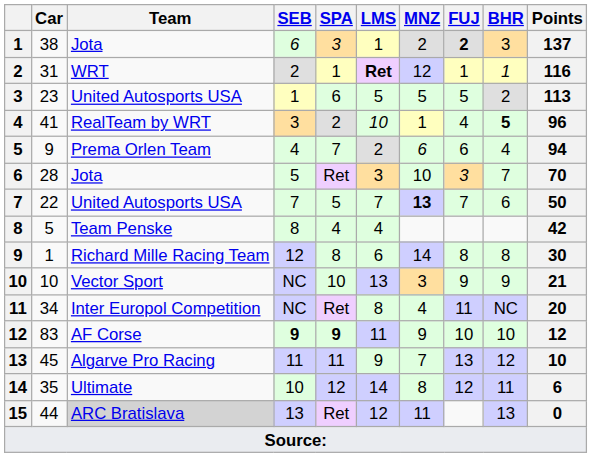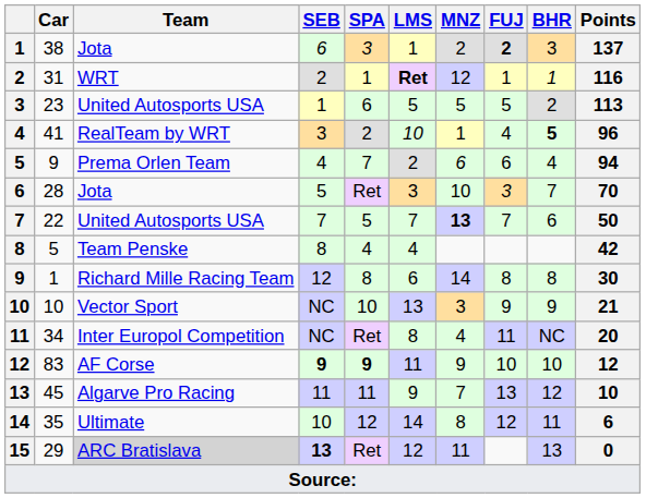 <table class="wikitable" style="font-size:85%; text-align:center;">
 <tr>
 <th></th>
 <th>Car</th>
 <th>Team</th>
 <th><a href='#'>SEB</a><br></th>
 <th><a href='#'>SPA</a><br></th>
 <th><a href='#'>LMS</a><br></th>
 <th><a href='#'>MNZ</a><br></th>
 <th><a href='#'>FUJ</a><br></th>
 <th><a href='#'>BHR</a><br></th>
 <th>Points</th>
 </tr>
 <tr>
 <th>1</th>
 <td>38</td>
 <td align="left"> <a href='#'>Jota</a></td>
 <td style="background:#dfffdf;"><em>6</em></td>
 <td style="background:#ffdf9f;"><em>3</em></td>
 <td style="background:#ffffbf;">1</td>
 <td style="background:#dfdfdf;">2</td>
 <td style="background:#dfdfdf;"><strong>2</strong></td>
 <td style="background:#ffdf9f;">3</td>
 <th>137</th>
 </tr>
 <tr>
 <th>2</th>
 <td>31</td>
 <td align="left"> <a href='#'>WRT</a></td>
 <td style="background:#dfdfdf;">2</td>
 <td style="background:#ffffbf;">1</td>
 <td style="background:#efcfff;"><strong>Ret</strong></td>
 <td style="background:#cfcfff;">12</td>
 <td style="background:#ffffbf;">1</td>
 <td style="background:#ffffbf;"><em>1</em></td>
 <th>116</th>
 </tr>
 <tr>
 <th>3</th>
 <td>23</td>
 <td align=left> <a href='#'>United Autosports USA</a></td>
 <td style="background:#ffffbf;">1</td>
 <td style="background:#dfffdf;">6</td>
 <td style="background:#dfffdf;">5</td>
 <td style="background:#dfffdf;">5</td>
 <td style="background:#dfffdf;">5</td>
 <td style="background:#dfdfdf;">2</td>
 <th>113</th>
 </tr>
 <tr>
 <th>4</th>
 <td>41</td>
 <td align="left"> <a href='#'>RealTeam by WRT</a></td>
 <td style="background:#ffdf9f;">3</td>
 <td style="background:#dfdfdf;">2</td>
 <td style="background:#dfffdf;"><em>10</em></td>
 <td style="background:#ffffbf;">1</td>
 <td style="background:#dfffdf;">4</td>
 <td style="background:#dfffdf;"><strong>5</strong></td>
 <th>96</th>
 </tr>
 <tr>
 <th>5</th>
 <td>9</td>
 <td align="left"> <a href='#'>Prema Orlen Team</a></td>
 <td style="background:#dfffdf;">4</td>
 <td style="background:#dfffdf;">7</td>
 <td style="background:#dfdfdf;">2</td>
 <td style="background:#dfffdf;"><em>6</em></td>
 <td style="background:#dfffdf;">6</td>
 <td style="background:#dfffdf;">4</td>
 <th>94</th>
 </tr>
 <tr>
 <th>6</th>
 <td>28</td>
 <td align="left"> <a href='#'>Jota</a></td>
 <td style="background:#dfffdf;">5</td>
 <td style="background:#efcfff;">Ret</td>
 <td style="background:#ffdf9f;">3</td>
 <td style="background:#dfffdf;">10</td>
 <td style="background:#ffdf9f;"><em>3</em></td>
 <td style="background:#dfffdf;">7</td>
 <th>70</th>
 </tr>
 <tr>
 <th>7</th>
 <td>22</td>
 <td align="left"> <a href='#'>United Autosports USA</a></td>
 <td style="background:#dfffdf;">7</td>
 <td style="background:#dfffdf;">5</td>
 <td style="background:#dfffdf;">7</td>
 <td style="background:#cfcfff;"><strong>13</strong></td>
 <td style="background:#dfffdf;">7</td>
 <td style="background:#dfffdf;">6</td>
 <th>50</th>
 </tr>
 <tr>
 <th>8</th>
 <td>5</td>
 <td align=left> <a href='#'>Team Penske</a></td>
 <td style="background:#dfffdf;">8</td>
 <td style="background:#dfffdf;">4</td>
 <td style="background:#dfffdf;">4</td>
 <td></td>
 <td></td>
 <td></td>
 <th>42</th>
 </tr>
 <tr>
 <th>9</th>
 <td>1</td>
 <td align="left" nowrap> <a href='#'>Richard Mille Racing Team</a></td>
 <td style="background:#cfcfff;">12</td>
 <td style="background:#dfffdf;">8</td>
 <td style="background:#dfffdf;">6</td>
 <td style="background:#cfcfff;">14</td>
 <td style="background:#dfffdf;">8</td>
 <td style="background:#dfffdf;">8</td>
 <th>30</th>
 </tr>
 <tr>
 <th>10</th>
 <td>10</td>
 <td align="left"> <a href='#'>Vector Sport</a></td>
 <td style="background:#cfcfff;">NC</td>
 <td style="background:#dfffdf;">10</td>
 <td style="background:#cfcfff;">13</td>
 <td style="background:#ffdf9f;">3</td>
 <td style="background:#dfffdf;">9</td>
 <td style="background:#dfffdf;">9</td>
 <th>21</th>
 </tr>
 <tr>
 <th>11</th>
 <td>34</td>
 <td align="left"> <a href='#'>Inter Europol Competition</a></td>
 <td style="background:#cfcfff;">NC</td>
 <td style="background:#efcfff;">Ret</td>
 <td style="background:#dfffdf;">8</td>
 <td style="background:#dfffdf;">4</td>
 <td style="background:#cfcfff;">11</td>
 <td style="background:#cfcfff;">NC</td>
 <th>20</th>
 </tr>
 <tr>
 <th>12</th>
 <td>83</td>
 <td align="left"> <a href='#'>AF Corse</a></td>
 <td style="background:#dfffdf;"><strong>9</strong></td>
 <td style="background:#dfffdf;"><strong>9</strong></td>
 <td style="background:#cfcfff;">11</td>
 <td style="background:#dfffdf;">9</td>
 <td style="background:#dfffdf;">10</td>
 <td style="background:#dfffdf;">10</td>
 <th>12</th>
 </tr>
 <tr>
 <th>13</th>
 <td>45</td>
 <td align="left"> <a href='#'>Algarve Pro Racing</a></td>
 <td style="background:#cfcfff;">11</td>
 <td style="background:#cfcfff;">11</td>
 <td style="background:#dfffdf;">9</td>
 <td style="background:#dfffdf;">7</td>
 <td style="background:#cfcfff;">13</td>
 <td style="background:#cfcfff;">12</td>
 <th>10</th>
 </tr>
 <tr>
 <th>14</th>
 <td>35</td>
 <td align="left"> <a href='#'>Ultimate</a></td>
 <td style="background:#dfffdf;">10</td>
 <td style="background:#cfcfff;">12</td>
 <td style="background:#cfcfff;">14</td>
 <td style="background:#dfffdf;">8</td>
 <td style="background:#cfcfff;">12</td>
 <td style="background:#cfcfff;">11</td>
 <th>6</th>
 </tr>
 <tr>
 <th>15</th>
-<td>44</td>
+<td>29</td>
 <td align="left" style="background: lightgrey;"> <a href='#'>ARC Bratislava</a></td>
-<td style="background:#cfcfff;">13</td>
+<td style="background:#cfcfff;"><strong>13</strong></td>
 <td style="background:#efcfff;">Ret</td>
 <td style="background:#cfcfff;">12</td>
 <td style="background:#cfcfff;">11</td>
 <td></td>
 <td style="background:#cfcfff;">13</td>
 <th>0</th>
 </tr>
 <tr class="sortbottom">
 <td colspan="10" style="background-color:#EAECF0;text-align:center"><strong>Source:</strong></td>
 </tr>
 </table>
